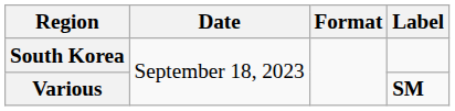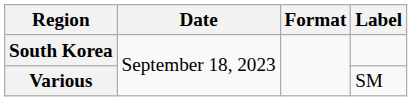 <table class="wikitable plainrowheaders">
 <tr>
 <th scope="col">Region</th>
 <th scope="col">Date</th>
 <th scope="col">Format</th>
 <th scope="col">Label</th>
 </tr>
 <tr>
 <th scope="row">South Korea</th>
 <td rowspan="2">September 18, 2023</td>
 <td rowspan="2"></td>
 <td></td>
 </tr>
 <tr>
 <th scope="row">Various </th>
-<td><strong>SM</strong></td>
+<td>SM</td>
 </tr>
 </table>
